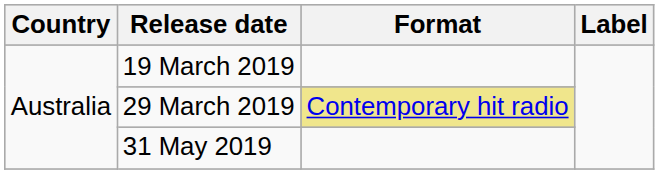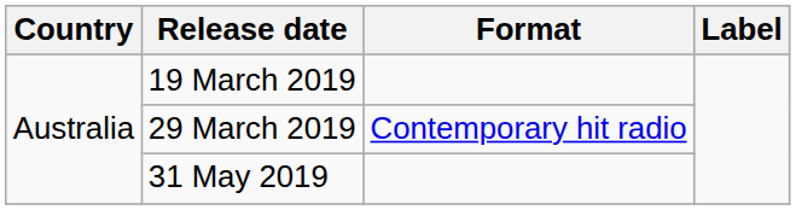 <table class="wikitable">
 <tr>
 <th>Country</th>
 <th>Release date</th>
 <th>Format</th>
 <th>Label</th>
 </tr>
 <tr>
 <td rowspan="3">Australia</td>
 <td>19 March 2019</td>
 <td></td>
 <td rowspan="3"></td>
 </tr>
 <tr>
 <td>29 March 2019</td>
-<td style="background: khaki;"><a href='#'>Contemporary hit radio</a></td>
+<td><a href='#'>Contemporary hit radio</a></td>
 </tr>
 <tr>
 <td>31 May 2019</td>
 <td></td>
 </tr>
 </table>
